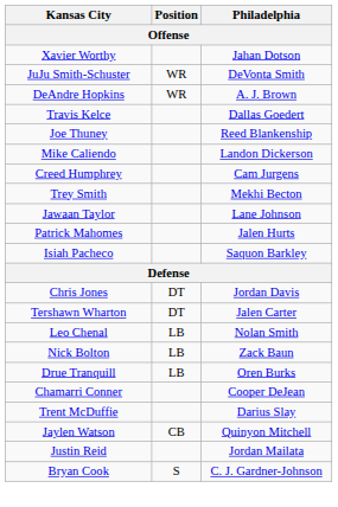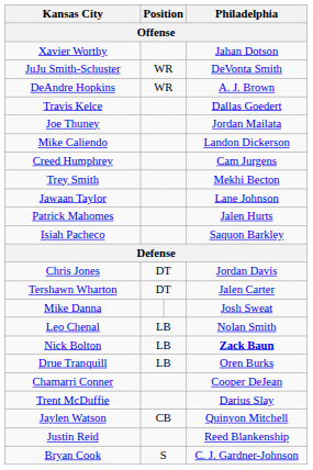 <table class="wikitable" style="text-align:center;margin:0 auto">
 <tr>
 <th style="width:180px;">Kansas City</th>
 <th colspan="2">Position</th>
 <th style="width:160px;">Philadelphia</th>
 </tr>
 <tr>
 <th colspan="4">Offense</th>
 </tr>
 <tr>
 <td><a href='#'>Xavier Worthy</a></td>
 <td colspan="2"></td>
 <td><a href='#'>Jahan Dotson</a></td>
 </tr>
 <tr>
 <td><a href='#'>JuJu Smith-Schuster</a></td>
 <td colspan="2">WR</td>
 <td><a href='#'>DeVonta Smith</a></td>
 </tr>
 <tr>
 <td><a href='#'>DeAndre Hopkins</a></td>
 <td colspan="2">WR</td>
 <td><a href='#'>A. J. Brown</a></td>
 </tr>
 <tr>
 <td><a href='#'>Travis Kelce</a></td>
 <td colspan="2"></td>
 <td><a href='#'>Dallas Goedert</a></td>
 </tr>
 <tr>
 <td><a href='#'>Joe Thuney</a></td>
 <td colspan="2"></td>
-<td><a href='#'>Reed Blankenship</a></td>
+<td><a href='#'>Jordan Mailata</a></td>
 </tr>
 <tr>
 <td><a href='#'>Mike Caliendo</a></td>
 <td colspan="2"></td>
 <td><a href='#'>Landon Dickerson</a></td>
 </tr>
 <tr>
 <td><a href='#'>Creed Humphrey</a></td>
 <td colspan="2"></td>
 <td><a href='#'>Cam Jurgens</a></td>
 </tr>
 <tr>
 <td><a href='#'>Trey Smith</a></td>
 <td colspan="2"></td>
 <td><a href='#'>Mekhi Becton</a></td>
 </tr>
 <tr>
 <td><a href='#'>Jawaan Taylor</a></td>
 <td colspan="2"></td>
 <td><a href='#'>Lane Johnson</a></td>
 </tr>
 <tr>
 <td><a href='#'>Patrick Mahomes</a></td>
 <td colspan="2"></td>
 <td><a href='#'>Jalen Hurts</a></td>
 </tr>
 <tr>
 <td><a href='#'>Isiah Pacheco</a></td>
 <td colspan="2"></td>
 <td><a href='#'>Saquon Barkley</a></td>
 </tr>
 <tr>
 <th colspan="4">Defense</th>
 </tr>
 <tr>
 <td><a href='#'>Chris Jones</a></td>
 <td colspan="2">DT</td>
 <td><a href='#'>Jordan Davis</a></td>
 </tr>
 <tr>
 <td><a href='#'>Tershawn Wharton</a></td>
 <td colspan="2">DT</td>
 <td><a href='#'>Jalen Carter</a></td>
 </tr>
 <tr>
+<td><a href='#'>Mike Danna</a></td>
+<td></td>
+<td></td>
+<td><a href='#'>Josh Sweat</a></td>
+</tr>
+<tr>
 <td><a href='#'>Leo Chenal</a></td>
 <td colspan="2">LB</td>
 <td><a href='#'>Nolan Smith</a></td>
 </tr>
 <tr>
 <td><a href='#'>Nick Bolton</a></td>
 <td colspan="2">LB</td>
-<td><a href='#'>Zack Baun</a></td>
+<td><strong><a href='#'>Zack Baun</a></strong></td>
 </tr>
 <tr>
 <td><a href='#'>Drue Tranquill</a></td>
 <td colspan="2">LB</td>
 <td><a href='#'>Oren Burks</a></td>
 </tr>
 <tr>
 <td><a href='#'>Chamarri Conner</a></td>
 <td colspan="2"></td>
 <td><a href='#'>Cooper DeJean</a></td>
 </tr>
 <tr>
 <td><a href='#'>Trent McDuffie</a></td>
 <td colspan="2"></td>
 <td><a href='#'>Darius Slay</a></td>
 </tr>
 <tr>
 <td><a href='#'>Jaylen Watson</a></td>
 <td colspan="2">CB</td>
 <td><a href='#'>Quinyon Mitchell</a></td>
 </tr>
 <tr>
 <td><a href='#'>Justin Reid</a></td>
 <td colspan="2"></td>
-<td><a href='#'>Jordan Mailata</a></td>
+<td><a href='#'>Reed Blankenship</a></td>
 </tr>
 <tr>
 <td><a href='#'>Bryan Cook</a></td>
 <td colspan="2">S</td>
 <td><a href='#'>C. J. Gardner-Johnson</a></td>
 </tr>
 </table>
